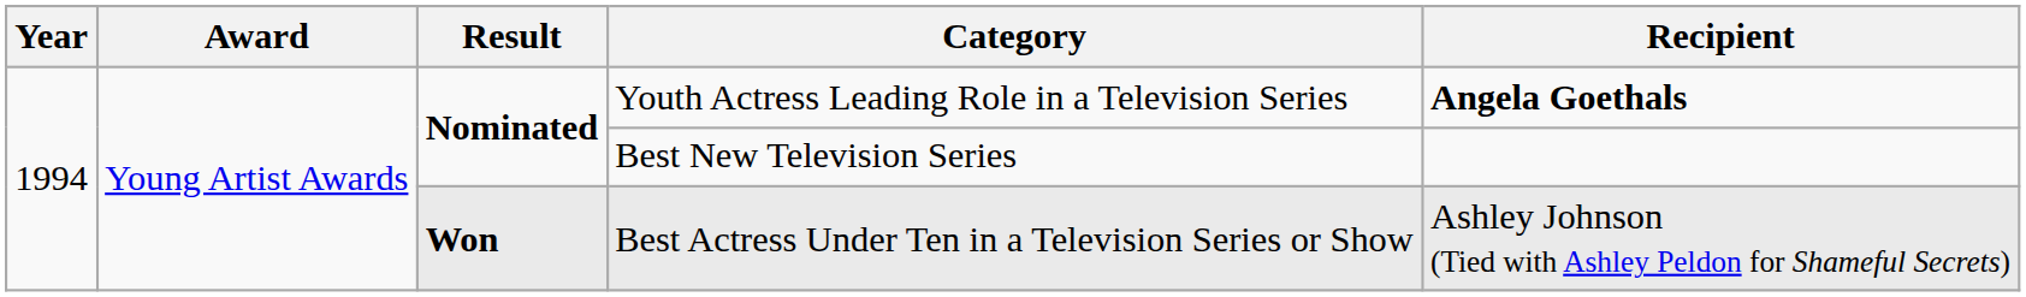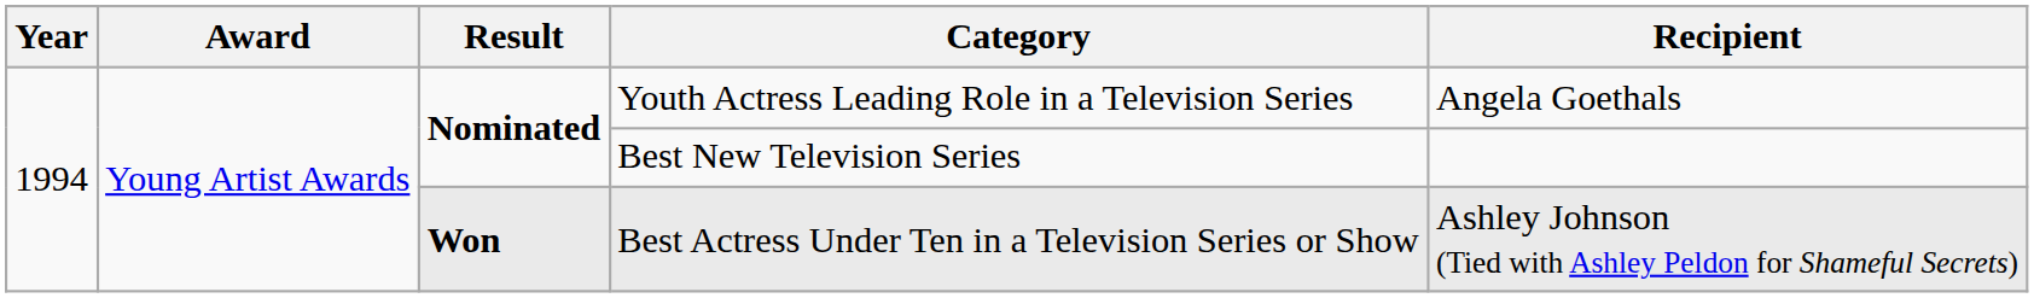 <table class="wikitable" style="font-size: 90%;">
 <tr>
 <th>Year</th>
 <th>Award</th>
 <th>Result</th>
 <th>Category</th>
 <th>Recipient</th>
 </tr>
 <tr>
 <td rowspan="3">1994</td>
 <td rowspan="3"><a href='#'>Young Artist Awards</a></td>
 <td rowspan="2"><strong>Nominated</strong></td>
 <td>Youth Actress Leading Role in a Television Series</td>
-<td><strong>Angela Goethals</strong></td>
+<td>Angela Goethals</td>
 </tr>
 <tr>
 <td>Best New Television Series</td>
 <td></td>
 </tr>
 <tr style="background-color: #EAEAEA;">
 <td><strong>Won</strong></td>
 <td>Best Actress Under Ten in a Television Series or Show</td>
 <td>Ashley Johnson<br><small>(Tied with <a href='#'>Ashley Peldon</a> for <em>Shameful Secrets</em>)</small></td>
 </tr>
 </table>
